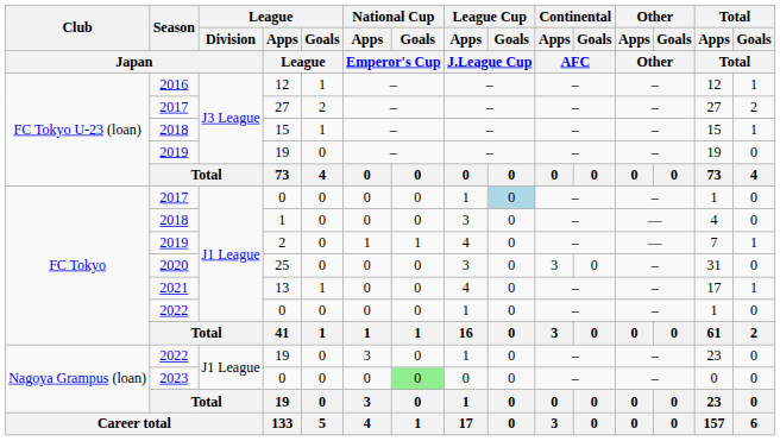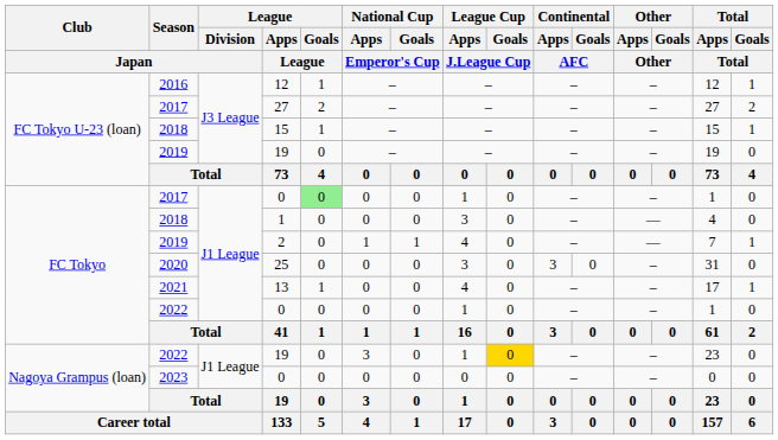 <table class="wikitable" style="text-align: center">
 <tr>
 <th rowspan="2">Club</th>
 <th rowspan="2">Season</th>
 <th colspan="3">League</th>
 <th colspan="2">National Cup</th>
 <th colspan="2">League Cup</th>
 <th colspan="2">Continental</th>
 <th colspan="2">Other</th>
 <th colspan="2">Total</th>
 </tr>
 <tr>
 <th>Division</th>
 <th>Apps</th>
 <th>Goals</th>
 <th>Apps</th>
 <th>Goals</th>
 <th>Apps</th>
 <th>Goals</th>
 <th>Apps</th>
 <th>Goals</th>
 <th>Apps</th>
 <th>Goals</th>
 <th>Apps</th>
 <th>Goals</th>
 </tr>
 <tr>
 <th colspan=3>Japan</th>
 <th colspan=2>League</th>
 <th colspan=2><a href='#'>Emperor's Cup</a></th>
 <th colspan=2><a href='#'>J.League Cup</a></th>
 <th colspan=2><a href='#'>AFC</a></th>
 <th colspan=2>Other</th>
 <th colspan=2>Total</th>
 </tr>
 <tr>
 <td rowspan="5"><a href='#'>FC Tokyo U-23</a> (loan)</td>
 <td><a href='#'>2016</a></td>
 <td rowspan="4"><a href='#'>J3 League</a></td>
 <td>12</td>
 <td>1</td>
 <td colspan="2">–</td>
 <td colspan="2">–</td>
 <td colspan="2">–</td>
 <td colspan="2">–</td>
 <td>12</td>
 <td>1</td>
 </tr>
 <tr>
 <td><a href='#'>2017</a></td>
 <td>27</td>
 <td>2</td>
 <td colspan="2">–</td>
 <td colspan="2">–</td>
 <td colspan="2">–</td>
 <td colspan="2">–</td>
 <td>27</td>
 <td>2</td>
 </tr>
 <tr>
 <td><a href='#'>2018</a></td>
 <td>15</td>
 <td>1</td>
 <td colspan="2">–</td>
 <td colspan="2">–</td>
 <td colspan="2">–</td>
 <td colspan="2">–</td>
 <td>15</td>
 <td>1</td>
 </tr>
 <tr>
 <td><a href='#'>2019</a></td>
 <td>19</td>
 <td>0</td>
 <td colspan="2">–</td>
 <td colspan="2">–</td>
 <td colspan="2">–</td>
 <td colspan="2">–</td>
 <td>19</td>
 <td>0</td>
 </tr>
 <tr>
 <th colspan="2">Total</th>
 <th>73</th>
 <th>4</th>
 <th>0</th>
 <th>0</th>
 <th>0</th>
 <th>0</th>
 <th>0</th>
 <th>0</th>
 <th>0</th>
 <th>0</th>
 <th>73</th>
 <th>4</th>
 </tr>
 <tr>
 <td rowspan="7"><a href='#'>FC Tokyo</a></td>
 <td><a href='#'>2017</a></td>
 <td rowspan="6"><a href='#'>J1 League</a></td>
 <td>0</td>
-<td>0</td>
+<td style="background: lightgreen;">0</td>
 <td>0</td>
 <td>0</td>
 <td>1</td>
-<td style="background: lightblue;">0</td>
+<td>0</td>
 <td colspan="2">–</td>
 <td colspan="2">–</td>
 <td>1</td>
 <td>0</td>
 </tr>
 <tr>
 <td><a href='#'>2018</a></td>
 <td>1</td>
 <td>0</td>
 <td>0</td>
 <td>0</td>
 <td>3</td>
 <td>0</td>
 <td colspan="2">–</td>
 <td colspan="2">—</td>
 <td>4</td>
 <td>0</td>
 </tr>
 <tr>
 <td><a href='#'>2019</a></td>
 <td>2</td>
 <td>0</td>
 <td>1</td>
 <td>1</td>
 <td>4</td>
 <td>0</td>
 <td colspan="2">–</td>
 <td colspan="2">—</td>
 <td>7</td>
 <td>1</td>
 </tr>
 <tr>
 <td><a href='#'>2020</a></td>
 <td>25</td>
 <td>0</td>
 <td>0</td>
 <td>0</td>
 <td>3</td>
 <td>0</td>
 <td>3</td>
 <td>0</td>
 <td colspan="2">–</td>
 <td>31</td>
 <td>0</td>
 </tr>
 <tr>
 <td><a href='#'>2021</a></td>
 <td>13</td>
 <td>1</td>
 <td>0</td>
 <td>0</td>
 <td>4</td>
 <td>0</td>
 <td colspan="2">–</td>
 <td colspan="2">–</td>
 <td>17</td>
 <td>1</td>
 </tr>
 <tr>
 <td><a href='#'>2022</a></td>
 <td>0</td>
 <td>0</td>
 <td>0</td>
 <td>0</td>
 <td>1</td>
 <td>0</td>
 <td colspan="2">–</td>
 <td colspan="2">–</td>
 <td>1</td>
 <td>0</td>
 </tr>
 <tr>
 <th colspan="2">Total</th>
 <th>41</th>
 <th>1</th>
 <th>1</th>
 <th>1</th>
 <th>16</th>
 <th>0</th>
 <th>3</th>
 <th>0</th>
 <th>0</th>
 <th>0</th>
 <th>61</th>
 <th>2</th>
 </tr>
 <tr>
 <td rowspan="3"><a href='#'>Nagoya Grampus</a> (loan)</td>
 <td><a href='#'>2022</a></td>
 <td rowspan="2">J1 League</td>
 <td>19</td>
 <td>0</td>
 <td>3</td>
 <td>0</td>
 <td>1</td>
-<td>0</td>
+<td style="background: gold;">0</td>
 <td colspan="2">–</td>
 <td colspan="2">–</td>
 <td>23</td>
 <td>0</td>
 </tr>
 <tr>
 <td><a href='#'>2023</a></td>
 <td>0</td>
 <td>0</td>
 <td>0</td>
-<td style="background: lightgreen;">0</td>
+<td>0</td>
 <td>0</td>
 <td>0</td>
 <td colspan="2">–</td>
 <td colspan="2">–</td>
 <td>0</td>
 <td>0</td>
 </tr>
 <tr>
 <th colspan="2">Total</th>
 <th>19</th>
 <th>0</th>
 <th>3</th>
 <th>0</th>
 <th>1</th>
 <th>0</th>
 <th>0</th>
 <th>0</th>
 <th>0</th>
 <th>0</th>
 <th>23</th>
 <th>0</th>
 </tr>
 <tr>
 <th colspan=3>Career total</th>
 <th>133</th>
 <th>5</th>
 <th>4</th>
 <th>1</th>
 <th>17</th>
 <th>0</th>
 <th>3</th>
 <th>0</th>
 <th>0</th>
 <th>0</th>
 <th>157</th>
 <th>6</th>
 </tr>
 </table>
